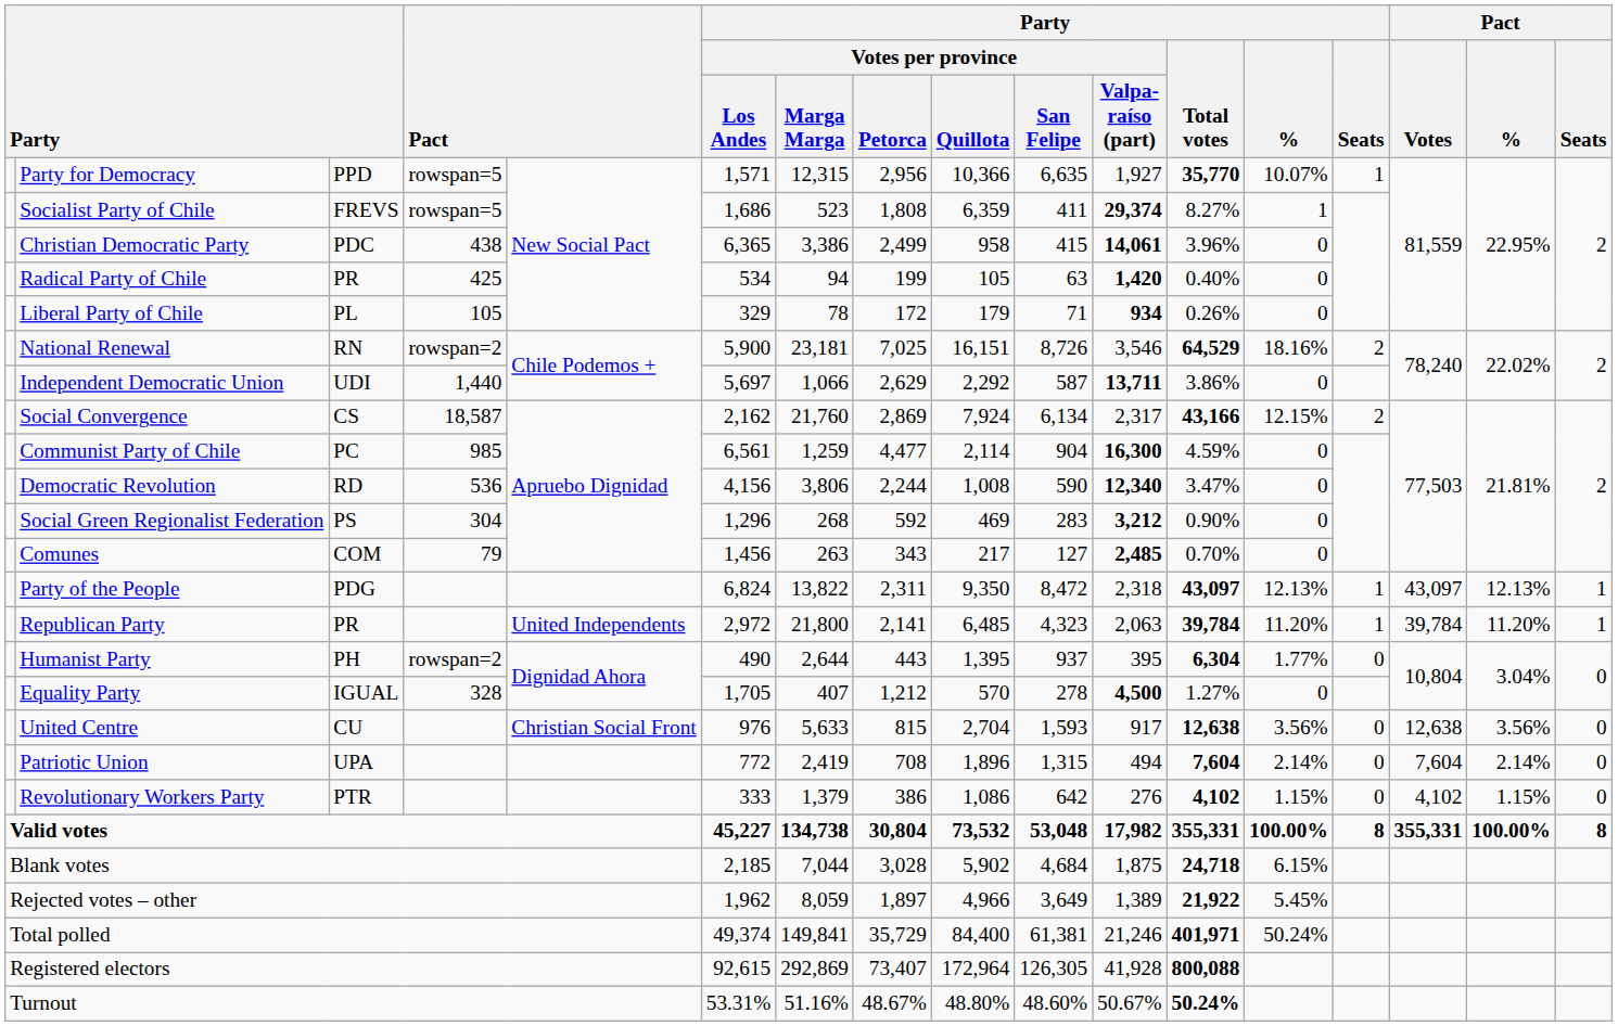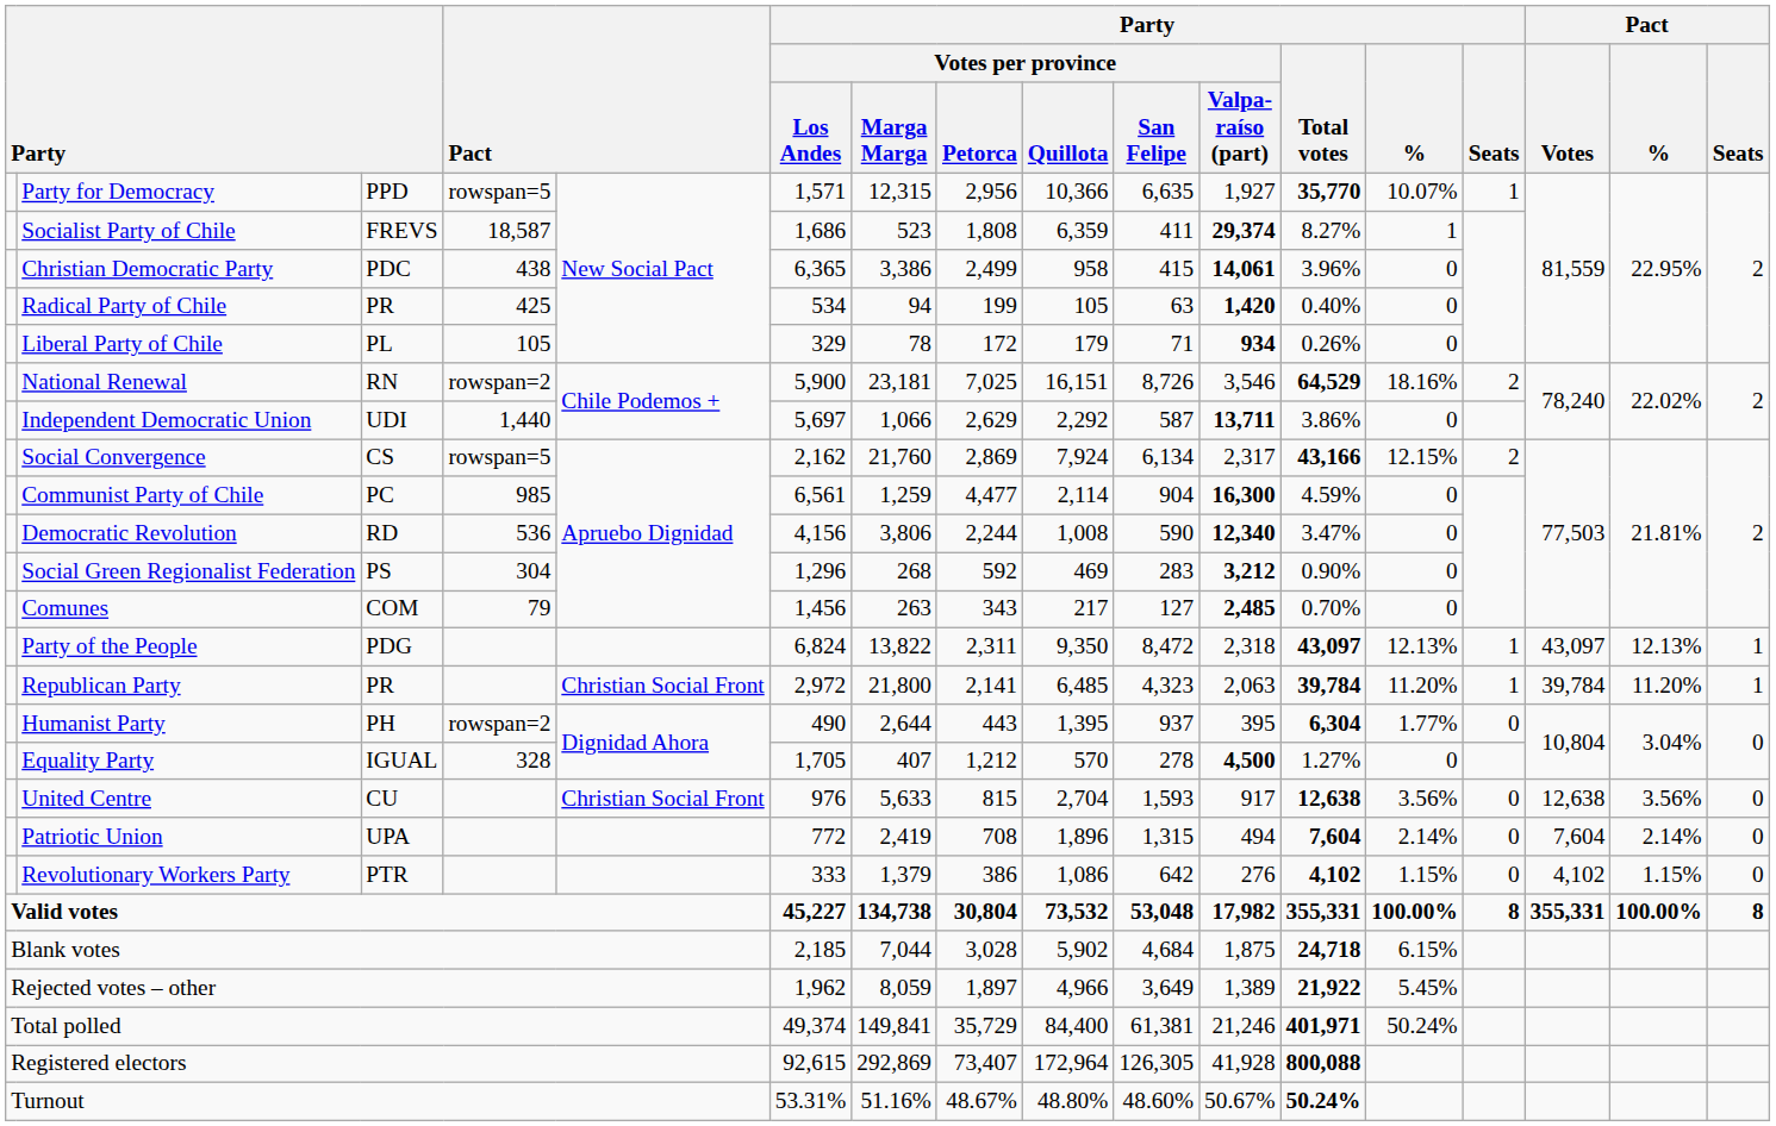 <table class="wikitable" border="1" style="font-size:90%; text-align:right; white-space: nowrap;">
 <tr>
 <th style="text-align:left;" valign=bottom rowspan=3 colspan=3>Party</th>
 <th style="text-align:left;" valign=bottom rowspan=3 colspan=2>Pact</th>
 <th colspan=9>Party</th>
 <th colspan=3>Pact</th>
 </tr>
 <tr>
 <th colspan=6>Votes per province</th>
 <th align=center valign=bottom rowspan=2 width="40">Total<br>votes</th>
 <th align=center valign=bottom rowspan=2 width="40">%</th>
 <th align=center valign=bottom rowspan=2>Seats</th>
 <th align=center valign=bottom rowspan=2 width="40">Votes</th>
 <th align=center valign=bottom rowspan=2 width="40">%</th>
 <th align=center valign=bottom rowspan=2>Seats</th>
 </tr>
 <tr>
 <th align=center valign=bottom width="40"><a href='#'>Los<br>Andes</a></th>
 <th align=center valign=bottom width="40"><a href='#'>Marga<br>Marga</a></th>
 <th align=center valign=bottom width="40"><a href='#'>Petorca</a></th>
 <th align=center valign=bottom width="40"><a href='#'>Quillota</a></th>
 <th align=center valign=bottom width="40"><a href='#'>San<br>Felipe</a></th>
 <th align=center valign=bottom width="40"><a href='#'>Valpa-<br>raíso</a><br>(part)</th>
 </tr>
 <tr>
 <td></td>
 <td align=left><a href='#'>Party for Democracy</a></td>
 <td align=left>PPD</td>
 <td>rowspan=5 </td>
 <td rowspan=5 align=left><a href='#'>New Social Pact</a></td>
 <td>1,571</td>
 <td>12,315</td>
 <td>2,956</td>
 <td>10,366</td>
 <td>6,635</td>
 <td>1,927</td>
 <td><strong>35,770</strong></td>
 <td>10.07%</td>
 <td>1</td>
 <td rowspan=5>81,559</td>
 <td rowspan=5>22.95%</td>
 <td rowspan=5>2</td>
 </tr>
 <tr>
 <td></td>
 <td align=left><a href='#'>Socialist Party of Chile</a></td>
 <td align=left>FREVS</td>
-<td>rowspan=5 </td>
+<td>18,587</td>
 <td>1,686</td>
 <td>523</td>
 <td>1,808</td>
 <td>6,359</td>
 <td>411</td>
 <td><strong>29,374</strong></td>
 <td>8.27%</td>
 <td>1</td>
 </tr>
 <tr>
 <td></td>
 <td align=left><a href='#'>Christian Democratic Party</a></td>
 <td align=left>PDC</td>
 <td>438</td>
 <td>6,365</td>
 <td>3,386</td>
 <td>2,499</td>
 <td>958</td>
 <td>415</td>
 <td><strong>14,061</strong></td>
 <td>3.96%</td>
 <td>0</td>
 </tr>
 <tr>
 <td></td>
 <td align=left><a href='#'>Radical Party of Chile</a></td>
 <td align=left>PR</td>
 <td>425</td>
 <td>534</td>
 <td>94</td>
 <td>199</td>
 <td>105</td>
 <td>63</td>
 <td><strong>1,420</strong></td>
 <td>0.40%</td>
 <td>0</td>
 </tr>
 <tr>
 <td></td>
 <td align=left><a href='#'>Liberal Party of Chile</a></td>
 <td align=left>PL</td>
 <td>105</td>
 <td>329</td>
 <td>78</td>
 <td>172</td>
 <td>179</td>
 <td>71</td>
 <td><strong>934</strong></td>
 <td>0.26%</td>
 <td>0</td>
 </tr>
 <tr>
 <td></td>
 <td align=left><a href='#'>National Renewal</a></td>
 <td align=left>RN</td>
 <td>rowspan=2 </td>
 <td rowspan=2 align=left><a href='#'>Chile Podemos +</a></td>
 <td>5,900</td>
 <td>23,181</td>
 <td>7,025</td>
 <td>16,151</td>
 <td>8,726</td>
 <td>3,546</td>
 <td><strong>64,529</strong></td>
 <td>18.16%</td>
 <td>2</td>
 <td rowspan=2>78,240</td>
 <td rowspan=2>22.02%</td>
 <td rowspan=2>2</td>
 </tr>
 <tr>
 <td></td>
 <td align=left><a href='#'>Independent Democratic Union</a></td>
 <td align=left>UDI</td>
 <td>1,440</td>
 <td>5,697</td>
 <td>1,066</td>
 <td>2,629</td>
 <td>2,292</td>
 <td>587</td>
 <td><strong>13,711</strong></td>
 <td>3.86%</td>
 <td>0</td>
 </tr>
 <tr>
 <td></td>
 <td align=left><a href='#'>Social Convergence</a></td>
 <td align=left>CS</td>
-<td>18,587</td>
+<td>rowspan=5 </td>
 <td rowspan=5 align=left><a href='#'>Apruebo Dignidad</a></td>
 <td>2,162</td>
 <td>21,760</td>
 <td>2,869</td>
 <td>7,924</td>
 <td>6,134</td>
 <td>2,317</td>
 <td><strong>43,166</strong></td>
 <td>12.15%</td>
 <td>2</td>
 <td rowspan=5>77,503</td>
 <td rowspan=5>21.81%</td>
 <td rowspan=5>2</td>
 </tr>
 <tr>
 <td></td>
 <td align=left><a href='#'>Communist Party of Chile</a></td>
 <td align=left>PC</td>
 <td>985</td>
 <td>6,561</td>
 <td>1,259</td>
 <td>4,477</td>
 <td>2,114</td>
 <td>904</td>
 <td><strong>16,300</strong></td>
 <td>4.59%</td>
 <td>0</td>
 </tr>
 <tr>
 <td></td>
 <td align=left><a href='#'>Democratic Revolution</a></td>
 <td align=left>RD</td>
 <td>536</td>
 <td>4,156</td>
 <td>3,806</td>
 <td>2,244</td>
 <td>1,008</td>
 <td>590</td>
 <td><strong>12,340</strong></td>
 <td>3.47%</td>
 <td>0</td>
 </tr>
 <tr>
 <td></td>
 <td align=left><a href='#'>Social Green Regionalist Federation</a></td>
 <td align=left>PS</td>
 <td>304</td>
 <td>1,296</td>
 <td>268</td>
 <td>592</td>
 <td>469</td>
 <td>283</td>
 <td><strong>3,212</strong></td>
 <td>0.90%</td>
 <td>0</td>
 </tr>
 <tr>
 <td></td>
 <td align=left><a href='#'>Comunes</a></td>
 <td align=left>COM</td>
 <td>79</td>
 <td>1,456</td>
 <td>263</td>
 <td>343</td>
 <td>217</td>
 <td>127</td>
 <td><strong>2,485</strong></td>
 <td>0.70%</td>
 <td>0</td>
 </tr>
 <tr>
 <td></td>
 <td align=left><a href='#'>Party of the People</a></td>
 <td align=left>PDG</td>
 <td></td>
 <td></td>
 <td>6,824</td>
 <td>13,822</td>
 <td>2,311</td>
 <td>9,350</td>
 <td>8,472</td>
 <td>2,318</td>
 <td><strong>43,097</strong></td>
 <td>12.13%</td>
 <td>1</td>
 <td>43,097</td>
 <td>12.13%</td>
 <td>1</td>
 </tr>
 <tr>
 <td></td>
 <td align=left><a href='#'>Republican Party</a></td>
 <td align=left>PR</td>
 <td></td>
-<td align=left><a href='#'>United Independents</a></td>
+<td align=left><a href='#'>Christian Social Front</a></td>
 <td>2,972</td>
 <td>21,800</td>
 <td>2,141</td>
 <td>6,485</td>
 <td>4,323</td>
 <td>2,063</td>
 <td><strong>39,784</strong></td>
 <td>11.20%</td>
 <td>1</td>
 <td>39,784</td>
 <td>11.20%</td>
 <td>1</td>
 </tr>
 <tr>
 <td></td>
 <td align=left><a href='#'>Humanist Party</a></td>
 <td align=left>PH</td>
 <td>rowspan=2 </td>
 <td rowspan=2 align=left><a href='#'>Dignidad Ahora</a></td>
 <td>490</td>
 <td>2,644</td>
 <td>443</td>
 <td>1,395</td>
 <td>937</td>
 <td>395</td>
 <td><strong>6,304</strong></td>
 <td>1.77%</td>
 <td>0</td>
 <td rowspan=2>10,804</td>
 <td rowspan=2>3.04%</td>
 <td rowspan=2>0</td>
 </tr>
 <tr>
 <td></td>
 <td align=left><a href='#'>Equality Party</a></td>
 <td align=left>IGUAL</td>
 <td>328</td>
 <td>1,705</td>
 <td>407</td>
 <td>1,212</td>
 <td>570</td>
 <td>278</td>
 <td><strong>4,500</strong></td>
 <td>1.27%</td>
 <td>0</td>
 </tr>
 <tr>
 <td></td>
 <td align=left><a href='#'>United Centre</a></td>
 <td align=left>CU</td>
 <td></td>
 <td align=left><a href='#'>Christian Social Front</a></td>
 <td>976</td>
 <td>5,633</td>
 <td>815</td>
 <td>2,704</td>
 <td>1,593</td>
 <td>917</td>
 <td><strong>12,638</strong></td>
 <td>3.56%</td>
 <td>0</td>
 <td>12,638</td>
 <td>3.56%</td>
 <td>0</td>
 </tr>
 <tr>
 <td></td>
 <td align=left><a href='#'>Patriotic Union</a></td>
 <td align=left>UPA</td>
 <td></td>
 <td></td>
 <td>772</td>
 <td>2,419</td>
 <td>708</td>
 <td>1,896</td>
 <td>1,315</td>
 <td>494</td>
 <td><strong>7,604</strong></td>
 <td>2.14%</td>
 <td>0</td>
 <td>7,604</td>
 <td>2.14%</td>
 <td>0</td>
 </tr>
 <tr>
 <td></td>
 <td align=left><a href='#'>Revolutionary Workers Party</a></td>
 <td align=left>PTR</td>
 <td></td>
 <td></td>
 <td>333</td>
 <td>1,379</td>
 <td>386</td>
 <td>1,086</td>
 <td>642</td>
 <td>276</td>
 <td><strong>4,102</strong></td>
 <td>1.15%</td>
 <td>0</td>
 <td>4,102</td>
 <td>1.15%</td>
 <td>0</td>
 </tr>
 <tr style="font-weight:bold">
 <td align=left colspan=5>Valid votes</td>
 <td>45,227</td>
 <td>134,738</td>
 <td>30,804</td>
 <td>73,532</td>
 <td>53,048</td>
 <td>17,982</td>
 <td>355,331</td>
 <td>100.00%</td>
 <td>8</td>
 <td>355,331</td>
 <td>100.00%</td>
 <td>8</td>
 </tr>
 <tr>
 <td align=left colspan=5>Blank votes</td>
 <td>2,185</td>
 <td>7,044</td>
 <td>3,028</td>
 <td>5,902</td>
 <td>4,684</td>
 <td>1,875</td>
 <td><strong>24,718</strong></td>
 <td>6.15%</td>
 <td></td>
 <td></td>
 <td></td>
 <td></td>
 </tr>
 <tr>
 <td align=left colspan=5>Rejected votes – other</td>
 <td>1,962</td>
 <td>8,059</td>
 <td>1,897</td>
 <td>4,966</td>
 <td>3,649</td>
 <td>1,389</td>
 <td><strong>21,922</strong></td>
 <td>5.45%</td>
 <td></td>
 <td></td>
 <td></td>
 <td></td>
 </tr>
 <tr>
 <td align=left colspan=5>Total polled</td>
 <td>49,374</td>
 <td>149,841</td>
 <td>35,729</td>
 <td>84,400</td>
 <td>61,381</td>
 <td>21,246</td>
 <td><strong>401,971</strong></td>
 <td>50.24%</td>
 <td></td>
 <td></td>
 <td></td>
 <td></td>
 </tr>
 <tr>
 <td align=left colspan=5>Registered electors</td>
 <td>92,615</td>
 <td>292,869</td>
 <td>73,407</td>
 <td>172,964</td>
 <td>126,305</td>
 <td>41,928</td>
 <td><strong>800,088</strong></td>
 <td></td>
 <td></td>
 <td></td>
 <td></td>
 <td></td>
 </tr>
 <tr>
 <td align=left colspan=5>Turnout</td>
 <td>53.31%</td>
 <td>51.16%</td>
 <td>48.67%</td>
 <td>48.80%</td>
 <td>48.60%</td>
 <td>50.67%</td>
 <td><strong>50.24%</strong></td>
 <td></td>
 <td></td>
 <td></td>
 <td></td>
 <td></td>
 </tr>
 </table>
